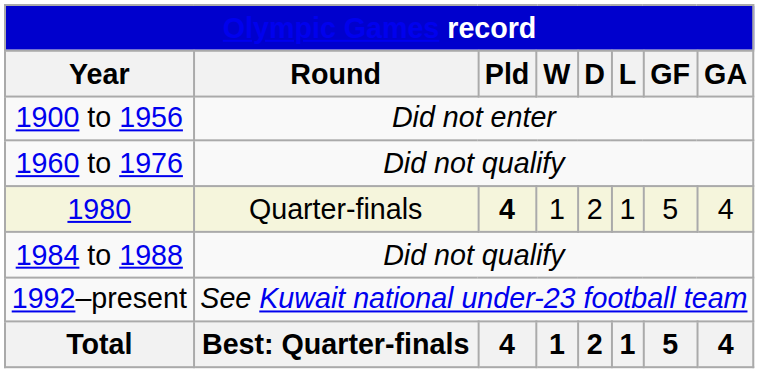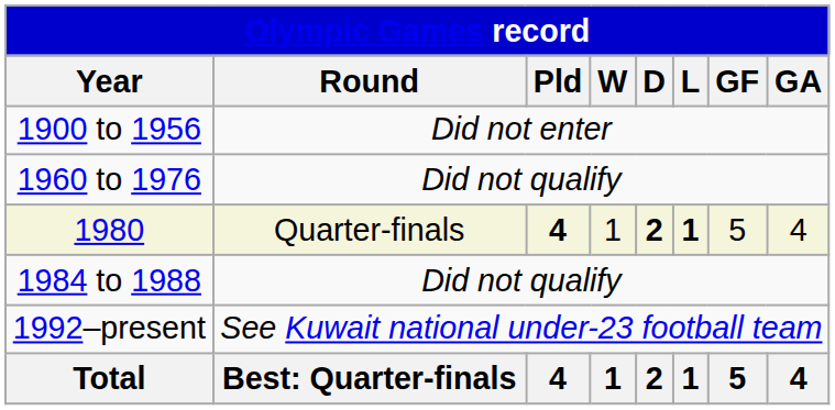 <table class="wikitable" style="text-align: center;font-size:90%;">
 <tr>
 <th colspan=8 style="background: #0000CD; color: #FFFFFF;"><a href='#'>Olympic Games</a> record</th>
 </tr>
 <tr>
 <th>Year</th>
 <th>Round</th>
 <th>Pld</th>
 <th>W</th>
 <th>D</th>
 <th>L</th>
 <th>GF</th>
 <th>GA</th>
 </tr>
 <tr>
 <td> <a href='#'>1900</a> to  <a href='#'>1956</a></td>
 <td colspan=7><em>Did not enter</em></td>
 </tr>
 <tr>
 <td> <a href='#'>1960</a> to  <a href='#'>1976</a></td>
 <td colspan=7><em>Did not qualify</em></td>
 </tr>
 <tr bgcolor=beige>
 <td> <a href='#'>1980</a></td>
 <td>Quarter-finals</td>
 <td><strong>4</strong></td>
 <td>1</td>
-<td>2</td>
-<td>1</td>
+<td><strong>2</strong></td>
+<td><strong>1</strong></td>
 <td>5</td>
 <td>4</td>
 </tr>
 <tr>
 <td> <a href='#'>1984</a> to  <a href='#'>1988</a></td>
 <td colspan=7><em>Did not qualify</em></td>
 </tr>
 <tr>
 <td><a href='#'>1992</a>–present</td>
 <td colspan=8><em>See <a href='#'>Kuwait national under-23 football team</a></em></td>
 </tr>
 <tr>
 <th>Total</th>
 <th>Best: Quarter-finals</th>
 <th>4</th>
 <th>1</th>
 <th>2</th>
 <th>1</th>
 <th>5</th>
 <th>4</th>
 </tr>
 </table>
